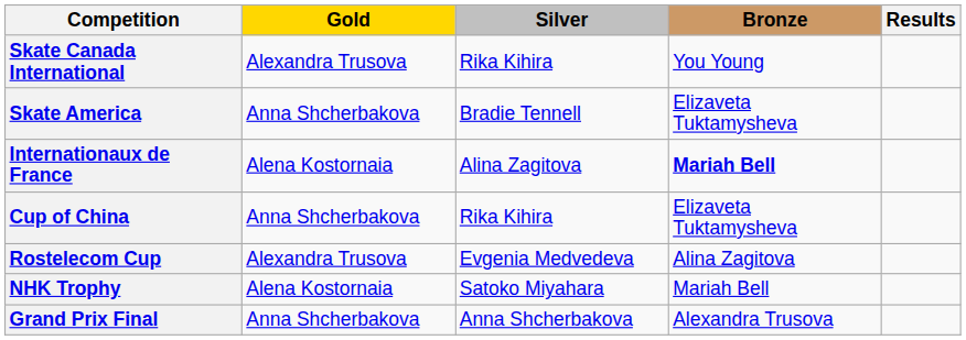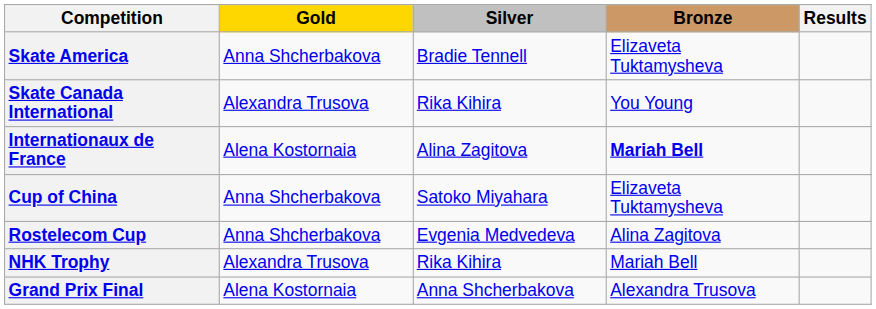 <table class="wikitable unsortable" style="text-align:left; width:90%">
 <tr>
 <th scope="col" style="text-align:center; width:25%;">Competition</th>
 <td scope="col" style="text-align:center; width:22.5%; background:gold"><strong>Gold</strong></td>
 <td scope="col" style="text-align:center; width:22.5%; background:silver"><strong>Silver</strong></td>
 <td scope="col" style="text-align:center; width:22.5%; background:#c96"><strong>Bronze</strong></td>
 <th scope="col" style="text-align:center; width:7.5%;">Results</th>
 </tr>
 <tr>
+<th scope="row" style="text-align:left"> <a href='#'>Skate America</a></th>
+<td> <a href='#'>Anna Shcherbakova</a></td>
+<td> <a href='#'>Bradie Tennell</a></td>
+<td> <a href='#'>Elizaveta Tuktamysheva</a></td>
+<td></td>
+</tr>
+<tr>
 <th scope="row" style="text-align:left"> <a href='#'>Skate Canada International</a></th>
 <td> <a href='#'>Alexandra Trusova</a></td>
 <td> <a href='#'>Rika Kihira</a></td>
 <td> <a href='#'>You Young</a></td>
-<td></td>
-</tr>
-<tr>
-<th scope="row" style="text-align:left"> <a href='#'>Skate America</a></th>
-<td> <a href='#'>Anna Shcherbakova</a></td>
-<td> <a href='#'>Bradie Tennell</a></td>
-<td> <a href='#'>Elizaveta Tuktamysheva</a></td>
 <td></td>
 </tr>
 <tr>
 <th scope="row" style="text-align:left"> <a href='#'>Internationaux de France</a></th>
 <td> <a href='#'>Alena Kostornaia</a></td>
 <td> <a href='#'>Alina Zagitova</a></td>
 <td><strong> <a href='#'>Mariah Bell</a></strong></td>
 <td></td>
 </tr>
 <tr>
 <th scope="row" style="text-align:left"> <a href='#'>Cup of China</a></th>
 <td> <a href='#'>Anna Shcherbakova</a></td>
-<td> <a href='#'>Rika Kihira</a></td>
+<td> <a href='#'>Satoko Miyahara</a></td>
 <td> <a href='#'>Elizaveta Tuktamysheva</a></td>
 <td></td>
 </tr>
 <tr>
 <th scope="row" style="text-align:left"> <a href='#'>Rostelecom Cup</a></th>
-<td> <a href='#'>Alexandra Trusova</a></td>
+<td> <a href='#'>Anna Shcherbakova</a></td>
 <td> <a href='#'>Evgenia Medvedeva</a></td>
 <td> <a href='#'>Alina Zagitova</a></td>
 <td></td>
 </tr>
 <tr>
 <th scope="row" style="text-align:left"> <a href='#'>NHK Trophy</a></th>
-<td> <a href='#'>Alena Kostornaia</a></td>
-<td> <a href='#'>Satoko Miyahara</a></td>
+<td> <a href='#'>Alexandra Trusova</a></td>
+<td> <a href='#'>Rika Kihira</a></td>
 <td> <a href='#'>Mariah Bell</a></td>
 <td></td>
 </tr>
 <tr>
 <th scope="row" style="text-align:left"> <a href='#'>Grand Prix Final</a></th>
-<td> <a href='#'>Anna Shcherbakova</a></td>
+<td> <a href='#'>Alena Kostornaia</a></td>
 <td> <a href='#'>Anna Shcherbakova</a></td>
 <td> <a href='#'>Alexandra Trusova</a></td>
 <td></td>
 </tr>
 </table>
